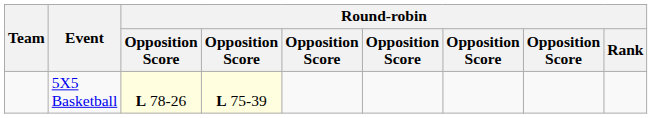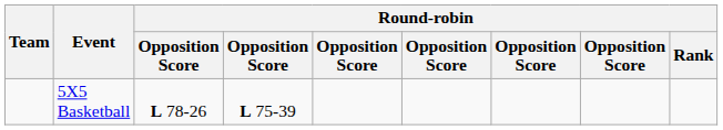 <table class="wikitable">
 <tr>
 <th rowspan="2">Team</th>
 <th rowspan="2">Event</th>
 <th colspan="7">Round-robin</th>
 </tr>
 <tr>
 <th>Opposition<br>Score</th>
 <th>Opposition<br>Score</th>
 <th>Opposition<br>Score</th>
 <th>Opposition<br>Score</th>
 <th>Opposition<br>Score</th>
 <th>Opposition<br>Score</th>
 <th>Rank</th>
 </tr>
 <tr align="center">
 <td></td>
 <td align="left"><a href='#'>5X5 Basketball</a></td>
-<td style="background: lightyellow;"><br> <strong>L</strong> 78-26</td>
-<td style="background: lightyellow;"><br> <strong>L</strong> 75-39</td>
+<td><br> <strong>L</strong> 78-26</td>
+<td><br> <strong>L</strong> 75-39</td>
 <td><br> <strong> </strong></td>
 <td><br> <strong> </strong></td>
 <td><br> <strong> </strong></td>
 <td><br> <strong> </strong></td>
 <td></td>
 </tr>
 </table>
